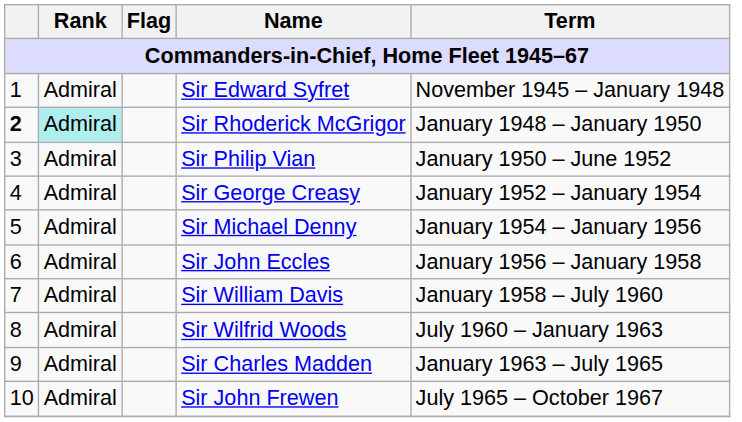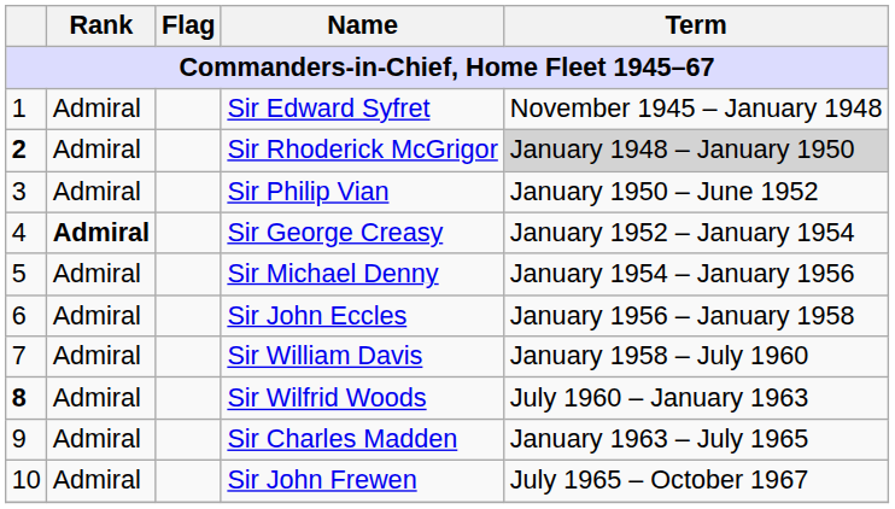 <table class="wikitable">
 <tr>
 <th></th>
 <th>Rank</th>
 <th>Flag</th>
 <th>Name</th>
 <th>Term</th>
 </tr>
 <tr>
 <td colspan="5" align="center" style="background:#dcdcfe;"><strong>Commanders-in-Chief, Home Fleet 1945–67</strong></td>
 </tr>
 <tr>
 <td>1</td>
 <td>Admiral</td>
 <td></td>
 <td><a href='#'>Sir Edward Syfret</a></td>
 <td>November 1945 – January 1948</td>
 </tr>
 <tr>
 <td><strong>2</strong></td>
-<td style="background: paleturquoise;">Admiral</td>
+<td>Admiral</td>
 <td></td>
 <td><a href='#'>Sir Rhoderick McGrigor</a></td>
-<td>January 1948 – January 1950</td>
+<td style="background: lightgrey;">January 1948 – January 1950</td>
 </tr>
 <tr>
 <td>3</td>
 <td>Admiral</td>
 <td></td>
 <td><a href='#'>Sir Philip Vian</a></td>
 <td>January 1950 – June 1952</td>
 </tr>
 <tr>
 <td>4</td>
-<td>Admiral</td>
+<td><strong>Admiral</strong></td>
 <td></td>
 <td><a href='#'>Sir George Creasy</a></td>
 <td>January 1952 – January 1954</td>
 </tr>
 <tr>
 <td>5</td>
 <td>Admiral</td>
 <td></td>
 <td><a href='#'>Sir Michael Denny</a></td>
 <td>January 1954 – January 1956</td>
 </tr>
 <tr>
 <td>6</td>
 <td>Admiral</td>
 <td></td>
 <td><a href='#'>Sir John Eccles</a></td>
 <td>January 1956 – January 1958</td>
 </tr>
 <tr>
 <td>7</td>
 <td>Admiral</td>
 <td></td>
 <td><a href='#'>Sir William Davis</a></td>
 <td>January 1958 – July 1960</td>
 </tr>
 <tr>
-<td>8</td>
+<td><strong>8</strong></td>
 <td>Admiral</td>
 <td></td>
 <td><a href='#'>Sir Wilfrid Woods</a></td>
 <td>July 1960 – January 1963</td>
 </tr>
 <tr>
 <td>9</td>
 <td>Admiral</td>
 <td></td>
 <td><a href='#'>Sir Charles Madden</a></td>
 <td>January 1963 – July 1965</td>
 </tr>
 <tr>
 <td>10</td>
 <td>Admiral</td>
 <td></td>
 <td><a href='#'>Sir John Frewen</a></td>
 <td>July 1965 – October 1967</td>
 </tr>
 <tr>
 </tr>
 </table>
